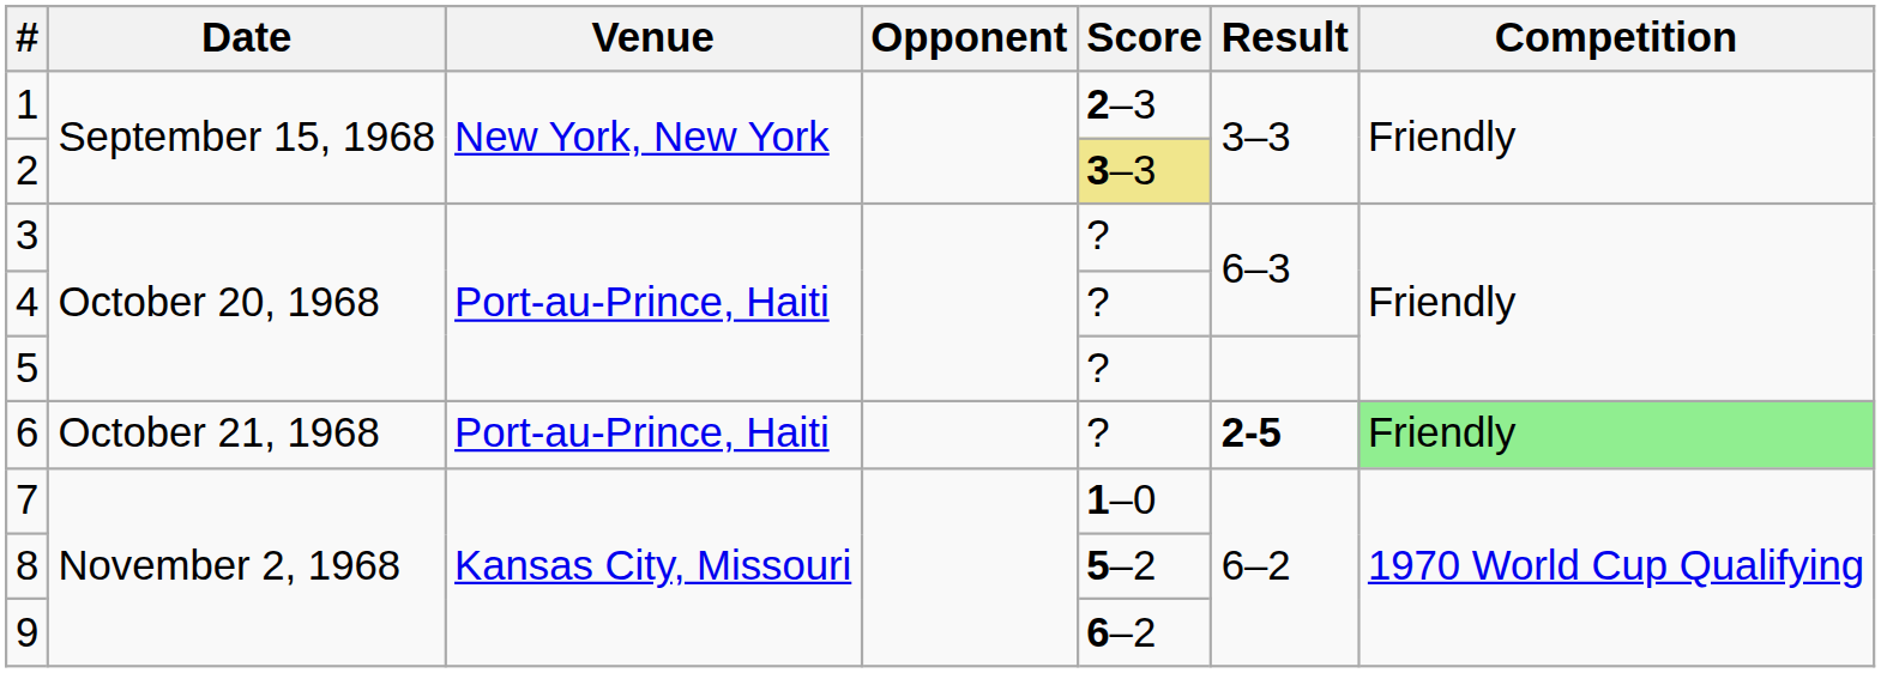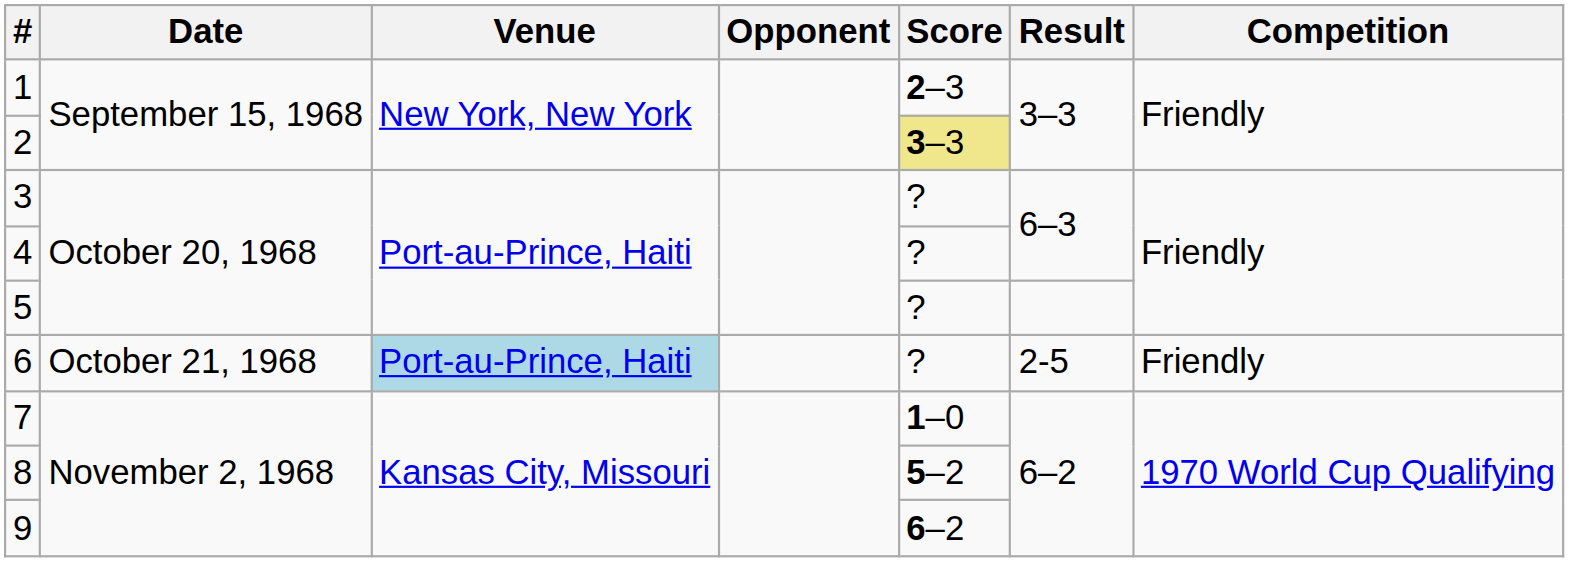 <table class="wikitable collapsible expanded">
 <tr>
 <th>#</th>
 <th>Date</th>
 <th>Venue</th>
 <th>Opponent</th>
 <th>Score</th>
 <th>Result</th>
 <th>Competition</th>
 </tr>
 <tr>
 <td>1</td>
 <td rowspan="2">September 15, 1968</td>
 <td rowspan="2"><a href='#'>New York, New York</a></td>
 <td rowspan="2"></td>
 <td><strong>2</strong>–3</td>
 <td rowspan="2">3–3</td>
 <td rowspan="2">Friendly</td>
 </tr>
 <tr>
 <td>2</td>
 <td style="background: khaki;"><strong>3</strong>–3</td>
 </tr>
 <tr>
 <td>3</td>
 <td rowspan="3">October 20, 1968</td>
 <td rowspan="3"><a href='#'>Port-au-Prince, Haiti</a></td>
 <td rowspan="3"></td>
 <td>?</td>
 <td rowspan="2">6–3</td>
 <td rowspan="3">Friendly</td>
 </tr>
 <tr>
 <td>4</td>
 <td>?</td>
 </tr>
 <tr>
 <td>5</td>
 <td>?</td>
 </tr>
 <tr>
 <td>6</td>
 <td>October 21, 1968</td>
-<td><a href='#'>Port-au-Prince, Haiti</a></td>
+<td style="background: lightblue;"><a href='#'>Port-au-Prince, Haiti</a></td>
 <td></td>
 <td>?</td>
-<td><strong>2-5</strong></td>
-<td style="background: lightgreen;">Friendly</td>
+<td>2-5</td>
+<td>Friendly</td>
 </tr>
 <tr>
 <td>7</td>
 <td rowspan="3">November 2, 1968</td>
 <td rowspan="3"><a href='#'>Kansas City, Missouri</a></td>
 <td rowspan="3"></td>
 <td><strong>1</strong>–0</td>
 <td rowspan="3">6–2</td>
 <td rowspan="3"><a href='#'>1970 World Cup Qualifying</a></td>
 </tr>
 <tr>
 <td>8</td>
 <td><strong>5</strong>–2</td>
 </tr>
 <tr>
 <td>9</td>
 <td><strong>6</strong>–2</td>
 </tr>
 </table>
